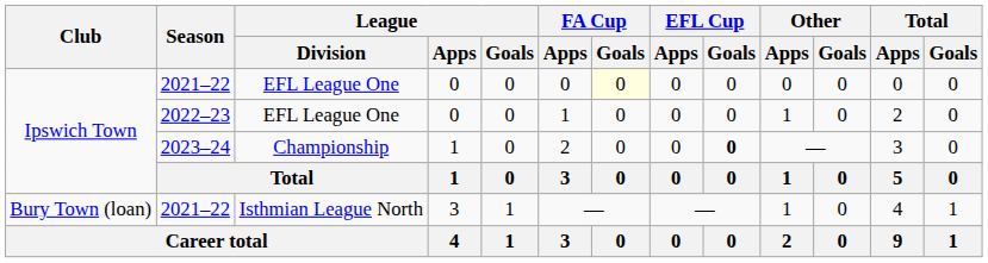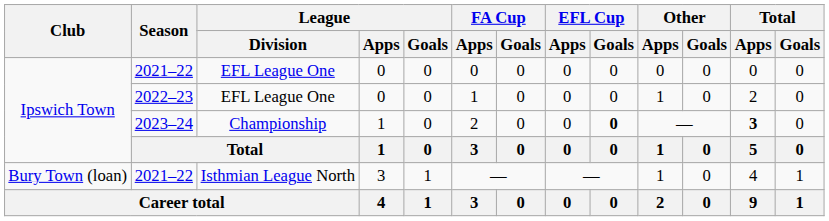 <table class="wikitable" style="text-align:center;">
 <tr>
 <th rowspan="2">Club</th>
 <th rowspan="2">Season</th>
 <th colspan="3">League</th>
 <th colspan="2"><a href='#'>FA Cup</a></th>
 <th colspan="2"><a href='#'>EFL Cup</a></th>
 <th colspan="2">Other</th>
 <th colspan="2">Total</th>
 </tr>
 <tr>
 <th>Division</th>
 <th>Apps</th>
 <th>Goals</th>
 <th>Apps</th>
 <th>Goals</th>
 <th>Apps</th>
 <th>Goals</th>
 <th>Apps</th>
 <th>Goals</th>
 <th>Apps</th>
 <th>Goals</th>
 </tr>
 <tr>
 <td rowspan="4"><a href='#'>Ipswich Town</a></td>
 <td><a href='#'>2021–22</a></td>
 <td><a href='#'>EFL League One</a></td>
 <td>0</td>
 <td>0</td>
 <td>0</td>
-<td style="background: lightyellow;">0</td>
+<td>0</td>
 <td>0</td>
 <td>0</td>
 <td>0</td>
 <td>0</td>
 <td>0</td>
 <td>0</td>
 </tr>
 <tr>
 <td><a href='#'>2022–23</a></td>
 <td>EFL League One</td>
 <td>0</td>
 <td>0</td>
 <td>1</td>
 <td>0</td>
 <td>0</td>
 <td>0</td>
 <td>1</td>
 <td>0</td>
 <td>2</td>
 <td>0</td>
 </tr>
 <tr>
 <td><a href='#'>2023–24</a></td>
 <td><a href='#'>Championship</a></td>
 <td>1</td>
 <td>0</td>
 <td>2</td>
 <td>0</td>
 <td>0</td>
 <td><strong>0</strong></td>
 <td colspan=2>—</td>
-<td>3</td>
+<td><strong>3</strong></td>
 <td>0</td>
 </tr>
 <tr>
 <th colspan="2">Total</th>
 <th>1</th>
 <th>0</th>
 <th>3</th>
 <th>0</th>
 <th>0</th>
 <th>0</th>
 <th>1</th>
 <th>0</th>
 <th>5</th>
 <th>0</th>
 </tr>
 <tr>
 <td><a href='#'>Bury Town</a> (loan)</td>
 <td><a href='#'>2021–22</a></td>
 <td><a href='#'>Isthmian League</a> North</td>
 <td>3</td>
 <td>1</td>
 <td colspan=2>—</td>
 <td colspan=2>—</td>
 <td>1</td>
 <td>0</td>
 <td>4</td>
 <td>1</td>
 </tr>
 <tr>
 <th colspan="3">Career total</th>
 <th>4</th>
 <th>1</th>
 <th>3</th>
 <th>0</th>
 <th>0</th>
 <th>0</th>
 <th>2</th>
 <th>0</th>
 <th>9</th>
 <th>1</th>
 </tr>
 </table>
